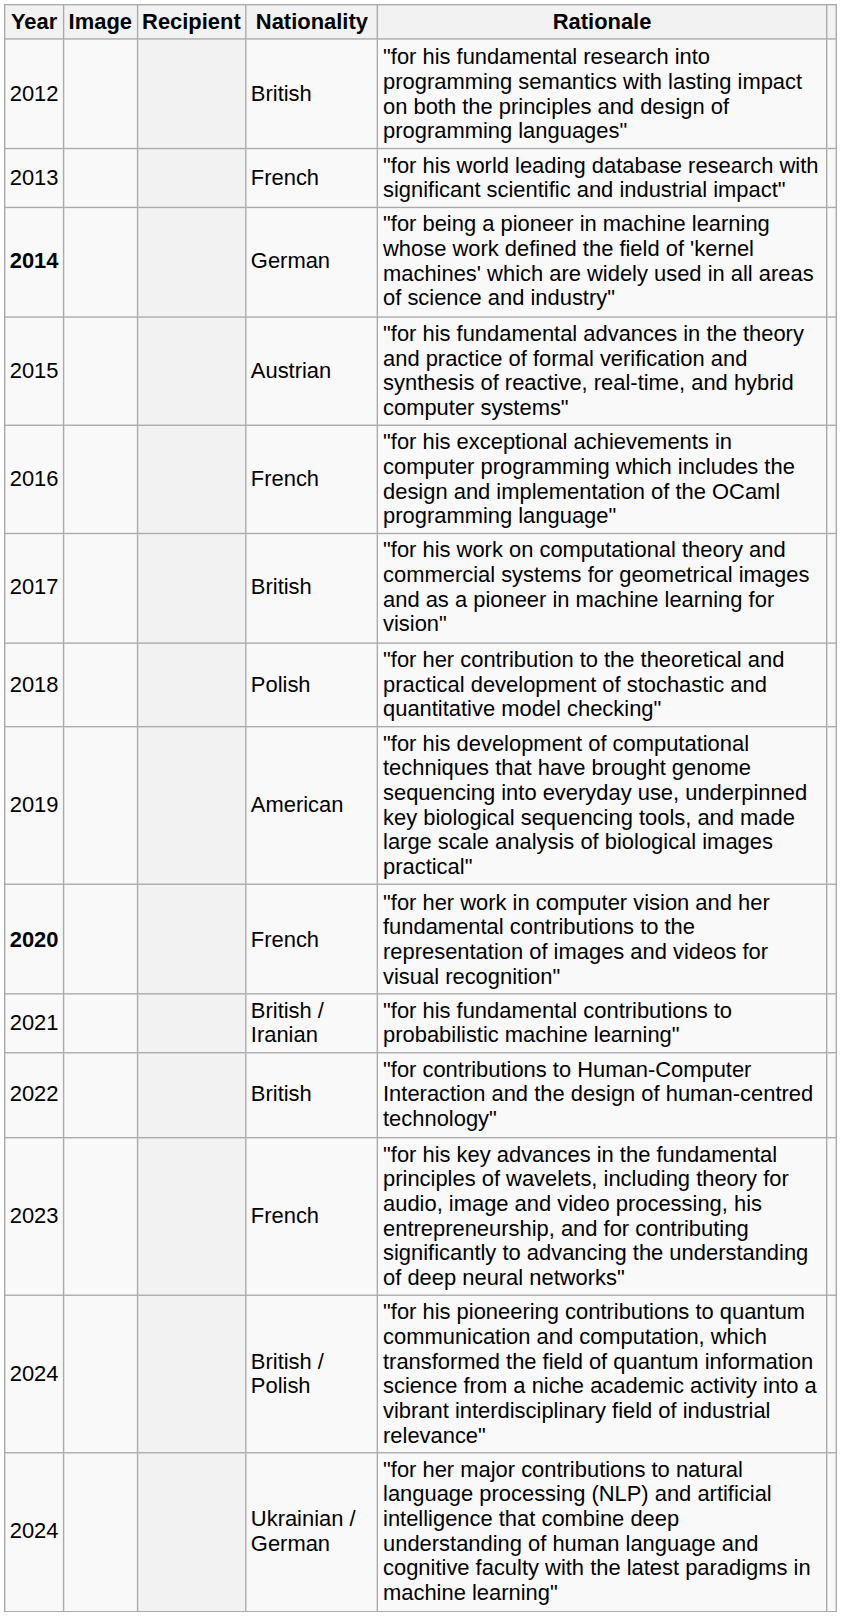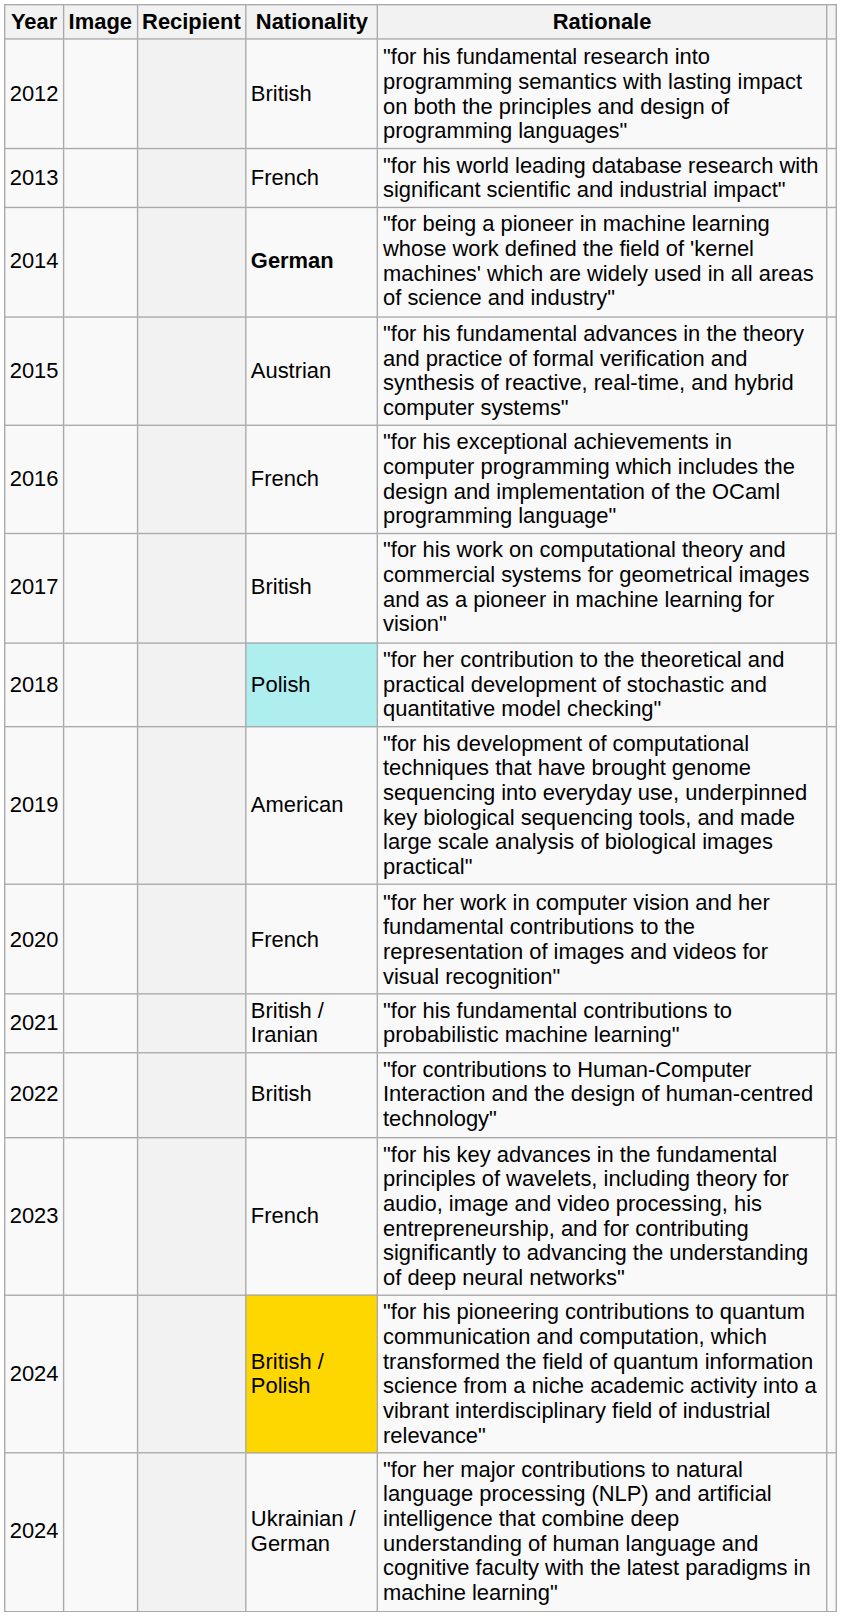 <table class="wikitable sortable plainrowheaders">
 <tr>
 <th scope="col">Year</th>
 <th scope="col" class="unsortable">Image</th>
 <th scope="col">Recipient</th>
 <th scope="col">Nationality</th>
 <th scope="col" class="unsortable">Rationale</th>
 <th scope="col" class="unsortable"></th>
 </tr>
 <tr>
 <td>2012</td>
 <td></td>
 <th scope="row"></th>
 <td>British</td>
 <td>"for his fundamental research into programming semantics with lasting impact on both the principles and design of programming languages"</td>
 <td style="text-align: center;"></td>
 </tr>
 <tr>
 <td>2013</td>
 <td></td>
 <th scope="row"></th>
 <td>French</td>
 <td>"for his world leading database research with significant scientific and industrial impact"</td>
 <td style="text-align: center;"></td>
 </tr>
 <tr>
-<td><strong>2014</strong></td>
+<td>2014</td>
 <td></td>
 <th scope="row"></th>
-<td>German</td>
+<td><strong>German</strong></td>
 <td>"for being a pioneer in machine learning whose work defined the field of 'kernel machines' which are widely used in all areas of science and industry"</td>
 <td style="text-align: center;"></td>
 </tr>
 <tr>
 <td>2015</td>
 <td></td>
 <th scope="row"></th>
 <td>Austrian</td>
 <td>"for his fundamental advances in the theory and practice of formal verification and synthesis of reactive, real-time, and hybrid computer systems"</td>
 <td style="text-align: center;"></td>
 </tr>
 <tr>
 <td>2016</td>
 <td></td>
 <th scope="row"></th>
 <td>French</td>
 <td>"for his exceptional achievements in computer programming which includes the design and implementation of the OCaml programming language"</td>
 <td style="text-align: center;"></td>
 </tr>
 <tr>
 <td>2017</td>
 <td></td>
 <th scope="row"></th>
 <td>British</td>
 <td>"for his work on computational theory and commercial systems for geometrical images and as a pioneer in machine learning for vision"</td>
 <td style="text-align: center;"></td>
 </tr>
 <tr>
 <td>2018</td>
 <td></td>
 <th scope="row"></th>
-<td>Polish</td>
+<td style="background: paleturquoise;">Polish</td>
 <td>"for her contribution to the theoretical and practical development of stochastic and quantitative model checking"</td>
 <td style="text-align: center;"></td>
 </tr>
 <tr>
 <td>2019</td>
 <td></td>
 <th scope="row"></th>
 <td>American</td>
 <td>"for his development of computational techniques that have brought genome sequencing into everyday use, underpinned key biological sequencing tools, and made large scale analysis of biological images practical"</td>
 <td style="text-align: center;"></td>
 </tr>
 <tr>
-<td><strong>2020</strong></td>
+<td>2020</td>
 <td></td>
 <th scope="row"></th>
 <td>French</td>
 <td>"for her work in computer vision and her fundamental contributions to the representation of images and videos for visual recognition"</td>
 <td style="text-align: center;"></td>
 </tr>
 <tr>
 <td>2021</td>
 <td></td>
 <th scope="row"></th>
 <td>British / Iranian</td>
 <td>"for his fundamental contributions to probabilistic machine learning"</td>
 <td style="text-align: center;"></td>
 </tr>
 <tr>
 <td>2022</td>
 <td></td>
 <th scope="row"></th>
 <td>British</td>
 <td>"for contributions to Human-Computer Interaction and the design of human-centred technology"</td>
 <td style="text-align: center;"></td>
 </tr>
 <tr>
 <td>2023</td>
 <td></td>
 <th scope="row"></th>
 <td>French</td>
 <td>"for his key advances in the fundamental principles of wavelets, including theory for audio, image and video processing, his entrepreneurship, and for contributing significantly to advancing the understanding of deep neural networks"</td>
 <td style="text-align: center;"></td>
 </tr>
 <tr>
 <td>2024</td>
 <td></td>
 <th scope="row"></th>
-<td>British / Polish</td>
+<td style="background: gold;">British / Polish</td>
 <td>"for his pioneering contributions to quantum communication and computation, which transformed the field of quantum information science from a niche academic activity into a vibrant interdisciplinary field of industrial relevance"</td>
 <td style="text-align: center;"></td>
 </tr>
 <tr>
 <td>2024</td>
 <td></td>
 <th scope="row"></th>
 <td>Ukrainian / German</td>
 <td>"for her major contributions to natural language processing (NLP) and artificial intelligence that combine deep understanding of human language and cognitive faculty with the latest paradigms in machine learning"</td>
 <td style="text-align: center;"></td>
 </tr>
 <tr>
 </tr>
 </table>
